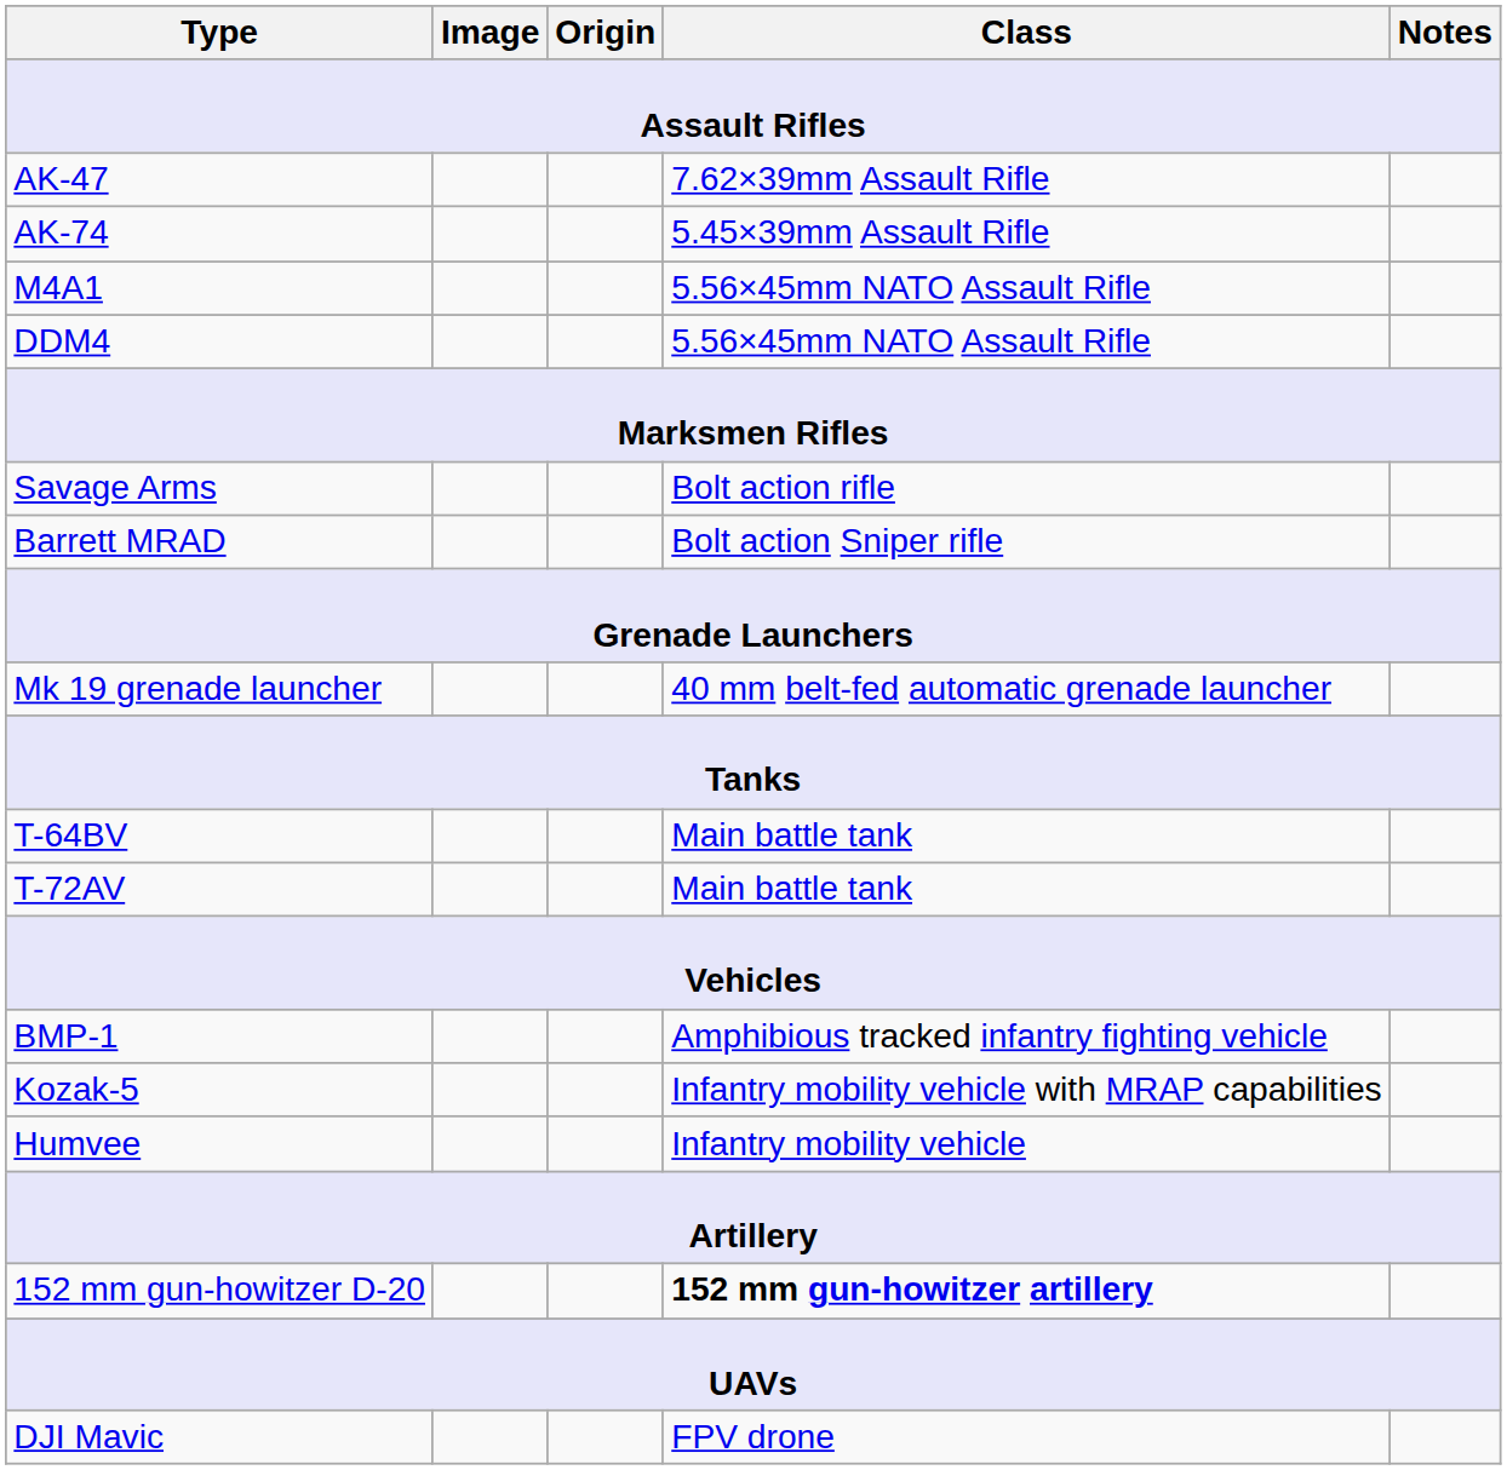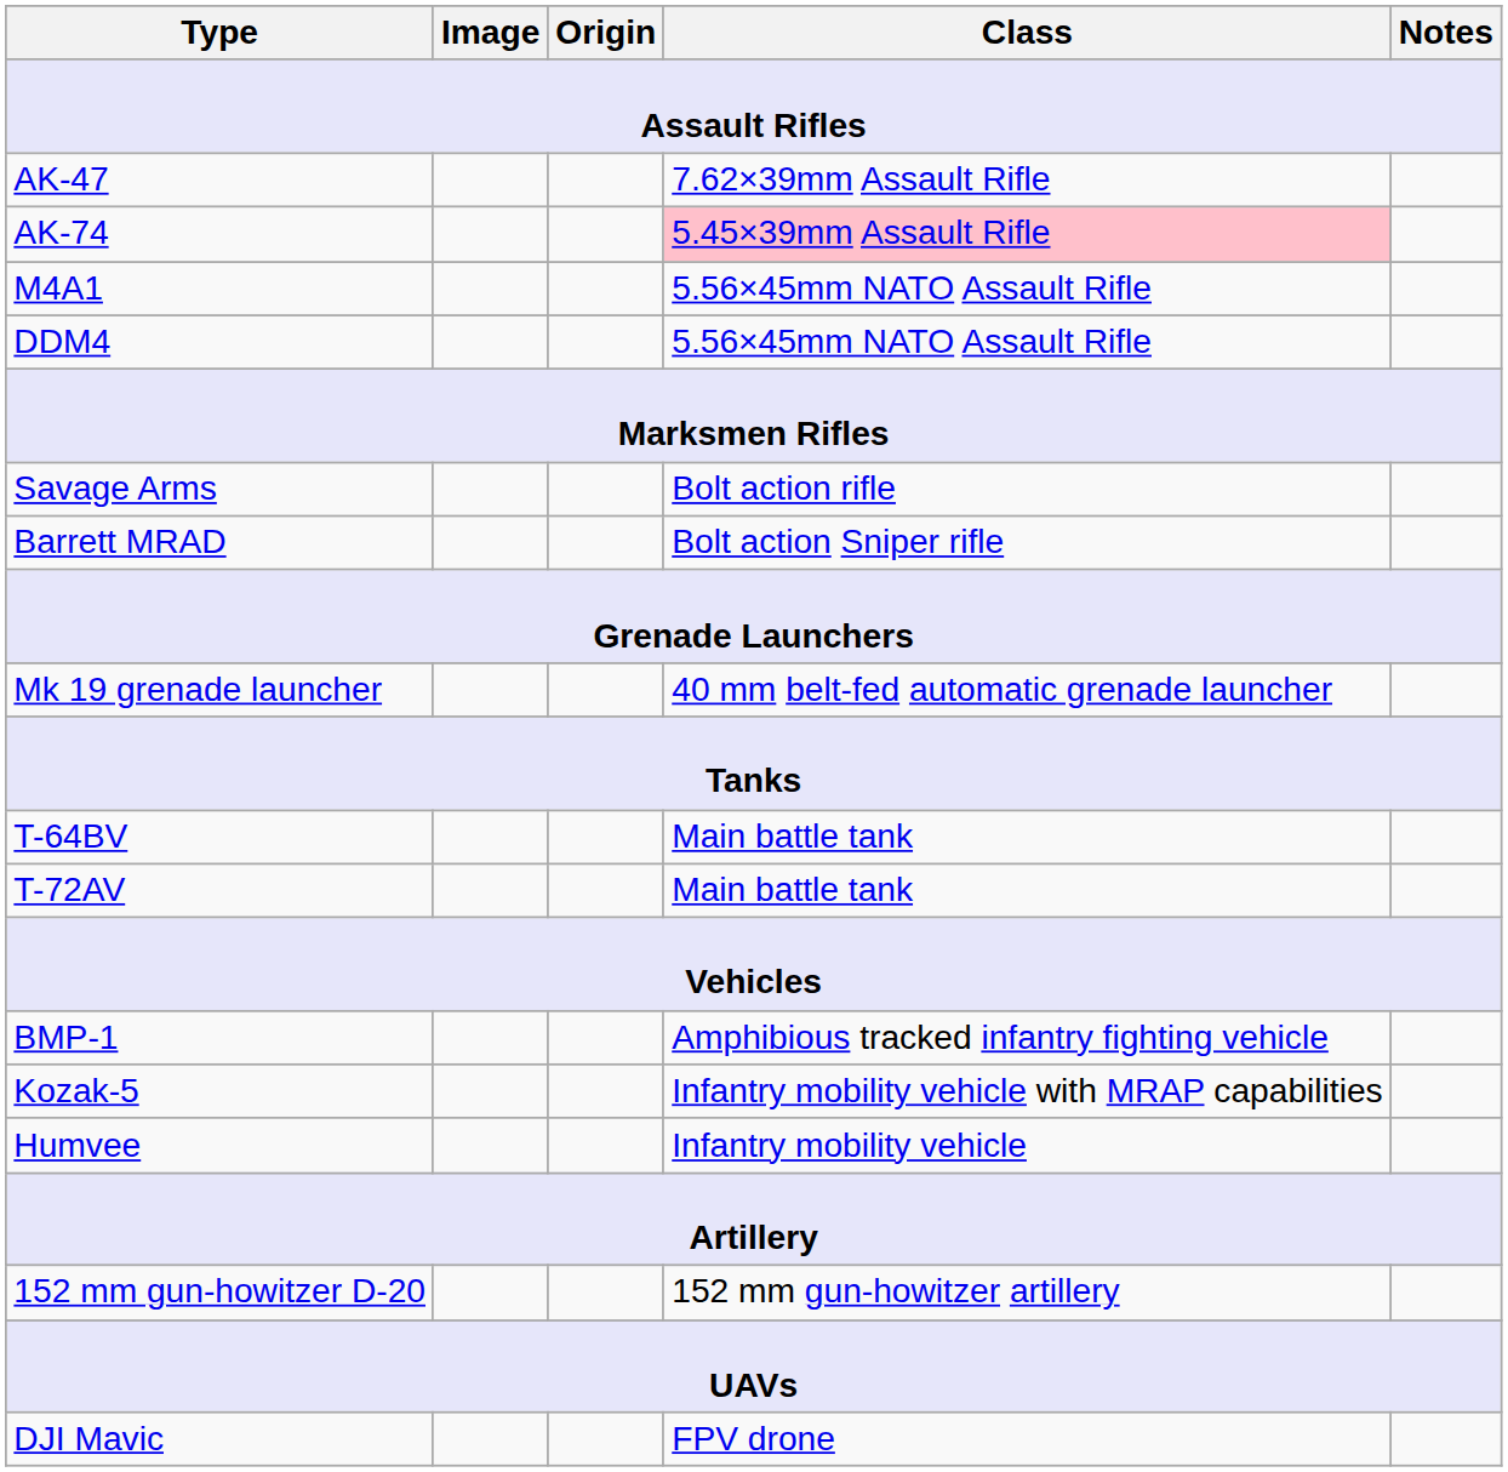 <table class="wikitable">
 <tr>
 <th>Type</th>
 <th>Image</th>
 <th>Origin</th>
 <th>Class</th>
 <th>Notes</th>
 </tr>
 <tr>
 <th colspan="6" style="align: center; background: lavender;"><br>Assault Rifles</th>
 </tr>
 <tr>
 <td><a href='#'>AK-47</a></td>
 <td></td>
 <td></td>
 <td><a href='#'>7.62×39mm</a> <a href='#'>Assault Rifle</a></td>
 <td></td>
 </tr>
 <tr>
 <td><a href='#'>AK-74</a></td>
 <td></td>
 <td></td>
-<td><a href='#'>5.45×39mm</a> <a href='#'>Assault Rifle</a></td>
+<td style="background: pink;"><a href='#'>5.45×39mm</a> <a href='#'>Assault Rifle</a></td>
 <td></td>
 </tr>
 <tr>
 <td><a href='#'>M4A1</a></td>
 <td></td>
 <td></td>
 <td><a href='#'>5.56×45mm NATO</a> <a href='#'>Assault Rifle</a></td>
 <td></td>
 </tr>
 <tr>
 <td><a href='#'>DDM4</a></td>
 <td></td>
 <td></td>
 <td><a href='#'>5.56×45mm NATO</a> <a href='#'>Assault Rifle</a></td>
 <td></td>
 </tr>
 <tr>
 <th colspan="6" style="align: center; background: lavender;"><br>Marksmen Rifles</th>
 </tr>
 <tr>
 <td><a href='#'>Savage Arms</a></td>
 <td></td>
 <td></td>
 <td><a href='#'>Bolt action rifle</a></td>
 <td></td>
 </tr>
 <tr>
 <td><a href='#'>Barrett MRAD</a></td>
 <td></td>
 <td></td>
 <td><a href='#'>Bolt action</a> <a href='#'>Sniper rifle</a></td>
 <td></td>
 </tr>
 <tr>
 <th colspan="6" style="align: center; background: lavender;"><br>Grenade Launchers</th>
 </tr>
 <tr>
 <td><a href='#'>Mk 19 grenade launcher</a></td>
 <td></td>
 <td></td>
 <td><a href='#'>40 mm</a> <a href='#'>belt-fed</a> <a href='#'>automatic grenade launcher</a></td>
 <td></td>
 </tr>
 <tr>
 <th colspan="6" style="align: center; background: lavender;"><br>Tanks</th>
 </tr>
 <tr>
 <td><a href='#'>T-64BV</a></td>
 <td></td>
 <td></td>
 <td><a href='#'>Main battle tank</a></td>
 <td></td>
 </tr>
 <tr>
 <td><a href='#'>T-72AV</a></td>
 <td></td>
 <td></td>
 <td><a href='#'>Main battle tank</a></td>
 <td></td>
 </tr>
 <tr>
 <th colspan="6" style="align: center; background: lavender;"><br>Vehicles</th>
 </tr>
 <tr>
 <td><a href='#'>BMP-1</a></td>
 <td></td>
 <td></td>
 <td><a href='#'>Amphibious</a> tracked <a href='#'>infantry fighting vehicle</a></td>
 <td></td>
 </tr>
 <tr>
 <td><a href='#'>Kozak-5</a></td>
 <td></td>
 <td></td>
 <td><a href='#'>Infantry mobility vehicle</a> with <a href='#'>MRAP</a> capabilities</td>
 <td></td>
 </tr>
 <tr>
 <td><a href='#'>Humvee</a></td>
 <td></td>
 <td></td>
 <td><a href='#'>Infantry mobility vehicle</a></td>
 <td></td>
 </tr>
 <tr>
 <th colspan="6" style="align: center; background: lavender;"><br>Artillery</th>
 </tr>
 <tr>
 <td><a href='#'>152 mm gun-howitzer D-20</a></td>
 <td></td>
 <td></td>
-<td><strong>152 mm <a href='#'>gun-howitzer</a> <a href='#'>artillery</a></strong></td>
+<td>152 mm <a href='#'>gun-howitzer</a> <a href='#'>artillery</a></td>
 <td></td>
 </tr>
 <tr>
 <th colspan="6" style="align: center; background: lavender;"><br>UAVs</th>
 </tr>
 <tr>
 <td><a href='#'>DJI Mavic</a></td>
 <td></td>
 <td></td>
 <td><a href='#'>FPV drone</a></td>
 <td></td>
 </tr>
 </table>
